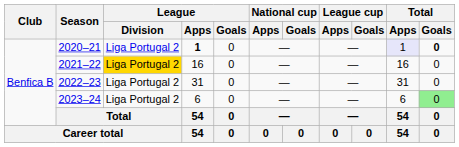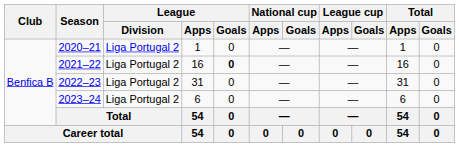 <table class="wikitable" style="text-align: center">
 <tr>
 <th rowspan="2">Club</th>
 <th rowspan="2">Season</th>
 <th colspan="3">League</th>
 <th colspan="2">National cup</th>
 <th colspan="2">League cup</th>
 <th colspan="2">Total</th>
 </tr>
 <tr>
 <th>Division</th>
 <th>Apps</th>
 <th>Goals</th>
 <th>Apps</th>
 <th>Goals</th>
 <th>Apps</th>
 <th>Goals</th>
 <th>Apps</th>
 <th>Goals</th>
 </tr>
 <tr>
 <td rowspan="5"><a href='#'>Benfica B</a></td>
 <td><a href='#'>2020–21</a></td>
 <td><a href='#'>Liga Portugal 2</a></td>
-<td><strong>1</strong></td>
+<td>1</td>
 <td>0</td>
 <td colspan="2">—</td>
 <td colspan="2">—</td>
-<td style="background: lavender;">1</td>
-<td><strong>0</strong></td>
+<td>1</td>
+<td>0</td>
 </tr>
 <tr>
 <td><a href='#'>2021–22</a></td>
-<td style="background: gold;">Liga Portugal 2</td>
+<td>Liga Portugal 2</td>
 <td>16</td>
-<td>0</td>
+<td><strong>0</strong></td>
 <td colspan="2">—</td>
 <td colspan="2">—</td>
 <td>16</td>
 <td>0</td>
 </tr>
 <tr>
 <td><a href='#'>2022–23</a></td>
 <td>Liga Portugal 2</td>
 <td>31</td>
 <td>0</td>
 <td colspan="2">—</td>
 <td colspan="2">—</td>
 <td>31</td>
 <td>0</td>
 </tr>
 <tr>
 <td><a href='#'>2023–24</a></td>
 <td>Liga Portugal 2</td>
 <td>6</td>
 <td>0</td>
 <td colspan="2">—</td>
 <td colspan="2">—</td>
 <td>6</td>
-<td style="background: lightgreen;">0</td>
+<td>0</td>
 </tr>
 <tr>
 <th colspan="2">Total</th>
 <th>54</th>
 <th>0</th>
 <th colspan="2">—</th>
 <th colspan="2">—</th>
 <th>54</th>
 <th>0</th>
 </tr>
 <tr>
 <th colspan="3"><strong>Career total</strong></th>
 <th>54</th>
 <th>0</th>
 <th>0</th>
 <th>0</th>
 <th>0</th>
 <th>0</th>
 <th>54</th>
 <th>0</th>
 </tr>
 </table>
